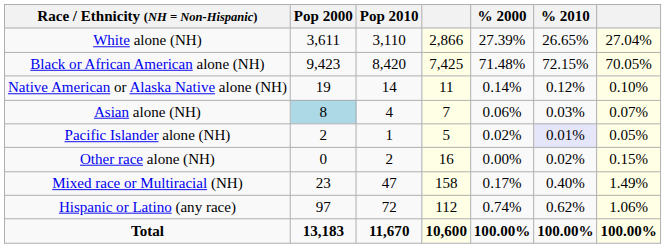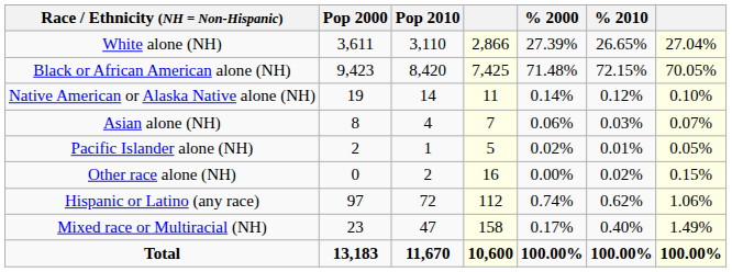 <table class="wikitable" style="text-align:center;">
 <tr>
 <th>Race / Ethnicity <small>(<em>NH = Non-Hispanic</em>)</small></th>
 <th>Pop 2000</th>
 <th>Pop 2010</th>
 <th></th>
 <th>% 2000</th>
 <th>% 2010</th>
 <th></th>
 </tr>
 <tr>
 <td><a href='#'>White</a> alone (NH)</td>
 <td>3,611</td>
 <td>3,110</td>
 <td style='background: #ffffe6;'>2,866</td>
 <td>27.39%</td>
 <td>26.65%</td>
 <td style='background: #ffffe6;'>27.04%</td>
 </tr>
 <tr>
 <td><a href='#'>Black or African American</a> alone (NH)</td>
 <td>9,423</td>
 <td>8,420</td>
 <td style='background: #ffffe6;'>7,425</td>
 <td>71.48%</td>
 <td>72.15%</td>
 <td style='background: #ffffe6;'>70.05%</td>
 </tr>
 <tr>
 <td><a href='#'>Native American</a> or <a href='#'>Alaska Native</a> alone (NH)</td>
 <td>19</td>
 <td>14</td>
 <td style='background: #ffffe6;'>11</td>
 <td>0.14%</td>
 <td>0.12%</td>
 <td style='background: #ffffe6;'>0.10%</td>
 </tr>
 <tr>
 <td><a href='#'>Asian</a> alone (NH)</td>
-<td style="background: lightblue;">8</td>
+<td>8</td>
 <td>4</td>
 <td style='background: #ffffe6;'>7</td>
 <td>0.06%</td>
 <td>0.03%</td>
 <td style='background: #ffffe6;'>0.07%</td>
 </tr>
 <tr>
 <td><a href='#'>Pacific Islander</a> alone (NH)</td>
 <td>2</td>
 <td>1</td>
 <td style='background: #ffffe6;'>5</td>
 <td>0.02%</td>
-<td style="background: lavender;">0.01%</td>
+<td>0.01%</td>
 <td style='background: #ffffe6;'>0.05%</td>
 </tr>
 <tr>
 <td><a href='#'>Other race</a> alone (NH)</td>
 <td>0</td>
 <td>2</td>
 <td style='background: #ffffe6;'>16</td>
 <td>0.00%</td>
 <td>0.02%</td>
 <td style='background: #ffffe6;'>0.15%</td>
 </tr>
 <tr>
+<td><a href='#'>Hispanic or Latino</a> (any race)</td>
+<td>97</td>
+<td>72</td>
+<td style='background: #ffffe6;'>112</td>
+<td>0.74%</td>
+<td>0.62%</td>
+<td style='background: #ffffe6;'>1.06%</td>
+</tr>
+<tr>
 <td><a href='#'>Mixed race or Multiracial</a> (NH)</td>
 <td>23</td>
 <td>47</td>
 <td style='background: #ffffe6;'>158</td>
 <td>0.17%</td>
 <td>0.40%</td>
 <td style='background: #ffffe6;'>1.49%</td>
-</tr>
-<tr>
-<td><a href='#'>Hispanic or Latino</a> (any race)</td>
-<td>97</td>
-<td>72</td>
-<td style='background: #ffffe6;'>112</td>
-<td>0.74%</td>
-<td>0.62%</td>
-<td style='background: #ffffe6;'>1.06%</td>
 </tr>
 <tr>
 <td><strong>Total</strong></td>
 <td><strong>13,183</strong></td>
 <td><strong>11,670</strong></td>
 <td style='background: #ffffe6;'><strong>10,600</strong></td>
 <td><strong>100.00%</strong></td>
 <td><strong>100.00%</strong></td>
 <td style='background: #ffffe6;'><strong>100.00%</strong></td>
 </tr>
 </table>
